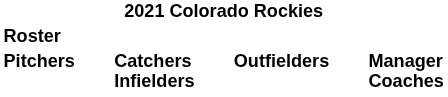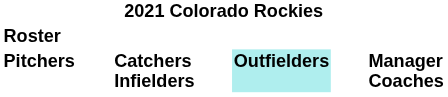 <table class="toccolours" style="font-size: 95%;">
 <tr>
 <th colspan="10">2021 Colorado Rockies</th>
 </tr>
 <tr>
 <td colspan="10"><strong>Roster</strong></td>
 </tr>
 <tr>
 <td valign="top"><strong>Pitchers</strong><br>                        </td>
 <td width="25px"></td>
 <td valign="top"><strong>Catchers</strong><br>  <strong>Infielders</strong>          </td>
 <td width="25px"></td>
-<td valign="top"><strong>Outfielders</strong><br>       </td>
+<td valign="top" style="background: paleturquoise;"><strong>Outfielders</strong><br>       </td>
 <td width="25px"></td>
 <td valign="top"><strong>Manager</strong><br> <strong>Coaches</strong>                     </td>
 </tr>
 <tr>
 </tr>
 </table>
